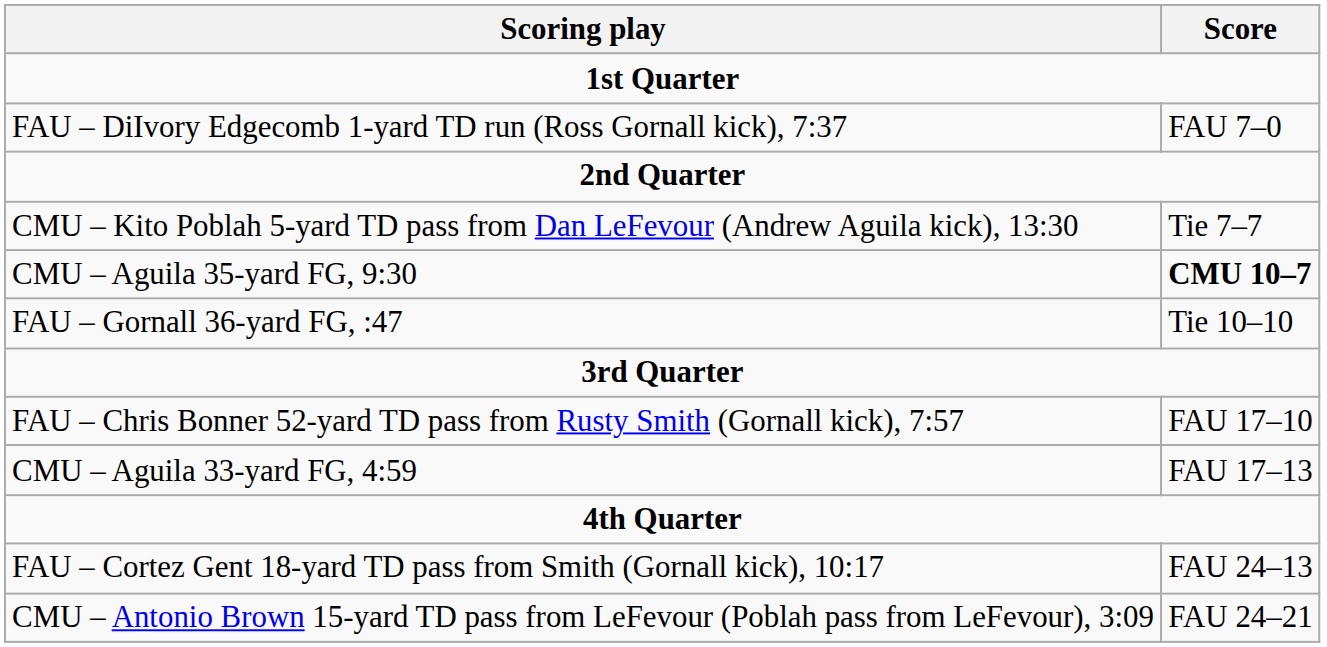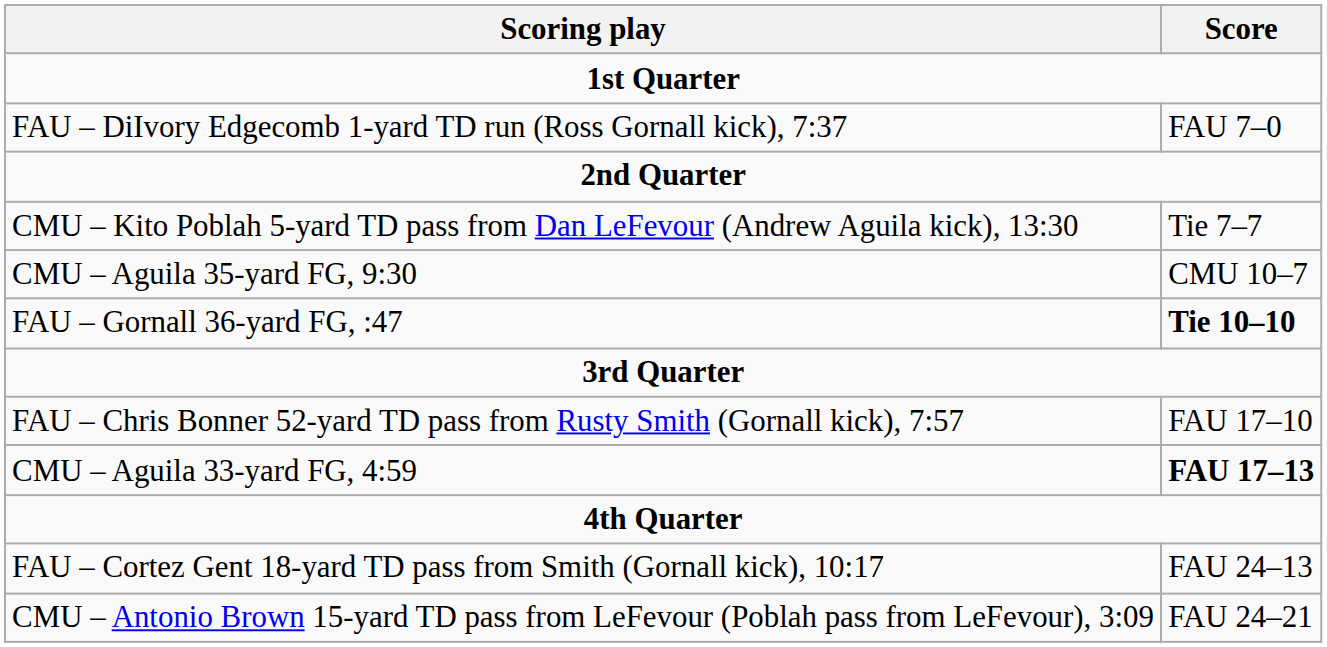 <table class="wikitable">
 <tr>
 <th>Scoring play</th>
 <th>Score</th>
 </tr>
 <tr>
 <td colspan="4" align="center"><strong>1st Quarter</strong></td>
 </tr>
 <tr>
 <td>FAU – DiIvory Edgecomb 1-yard TD run (Ross Gornall kick), 7:37</td>
 <td>FAU 7–0</td>
 </tr>
 <tr>
 <td colspan="4" align="center"><strong>2nd Quarter</strong></td>
 </tr>
 <tr>
 <td>CMU – Kito Poblah 5-yard TD pass from <a href='#'>Dan LeFevour</a> (Andrew Aguila kick), 13:30</td>
 <td>Tie 7–7</td>
 </tr>
 <tr>
 <td>CMU – Aguila 35-yard FG, 9:30</td>
-<td><strong>CMU 10–7</strong></td>
+<td>CMU 10–7</td>
 </tr>
 <tr>
 <td>FAU – Gornall 36-yard FG, :47</td>
-<td>Tie 10–10</td>
+<td><strong>Tie 10–10</strong></td>
 </tr>
 <tr>
 <td colspan="4" align="center"><strong>3rd Quarter</strong></td>
 </tr>
 <tr>
 <td>FAU – Chris Bonner 52-yard TD pass from <a href='#'>Rusty Smith</a> (Gornall kick), 7:57</td>
 <td>FAU 17–10</td>
 </tr>
 <tr>
 <td>CMU – Aguila 33-yard FG, 4:59</td>
-<td>FAU 17–13</td>
+<td><strong>FAU 17–13</strong></td>
 </tr>
 <tr>
 <td colspan="4" align="center"><strong>4th Quarter</strong></td>
 </tr>
 <tr>
 <td>FAU – Cortez Gent 18-yard TD pass from Smith (Gornall kick), 10:17</td>
 <td>FAU 24–13</td>
 </tr>
 <tr>
 <td>CMU – <a href='#'>Antonio Brown</a> 15-yard TD pass from LeFevour (Poblah pass from LeFevour), 3:09</td>
 <td>FAU 24–21</td>
 </tr>
 </table>
